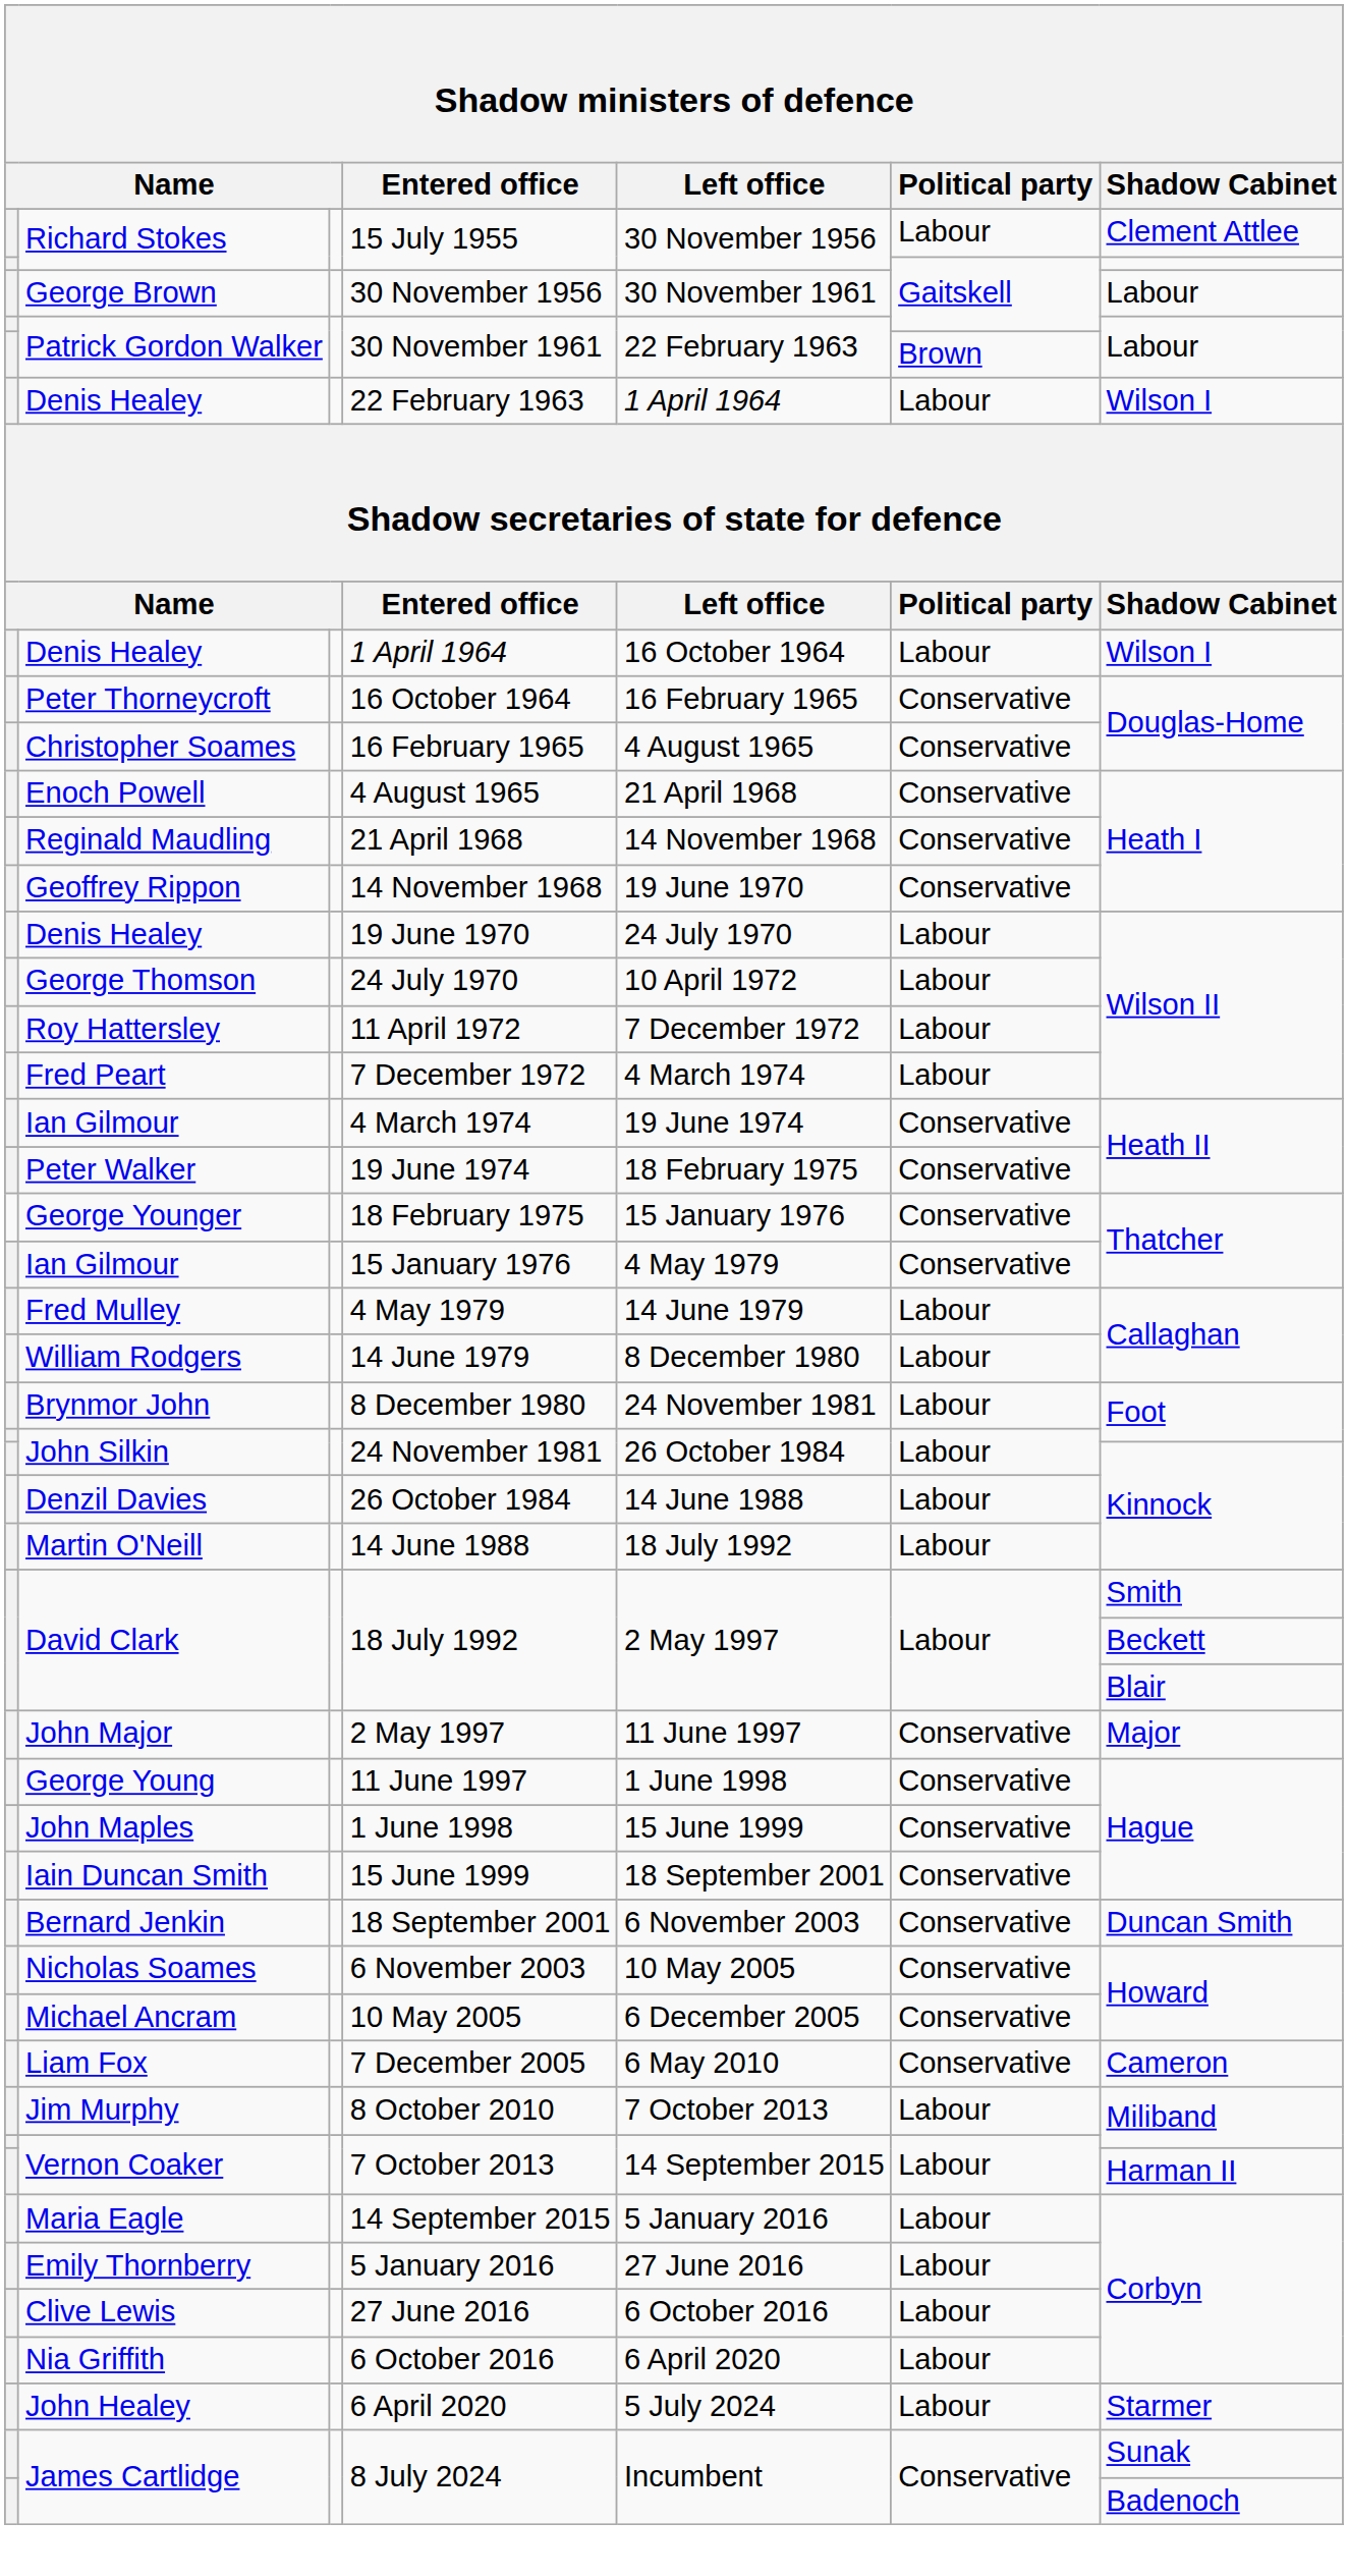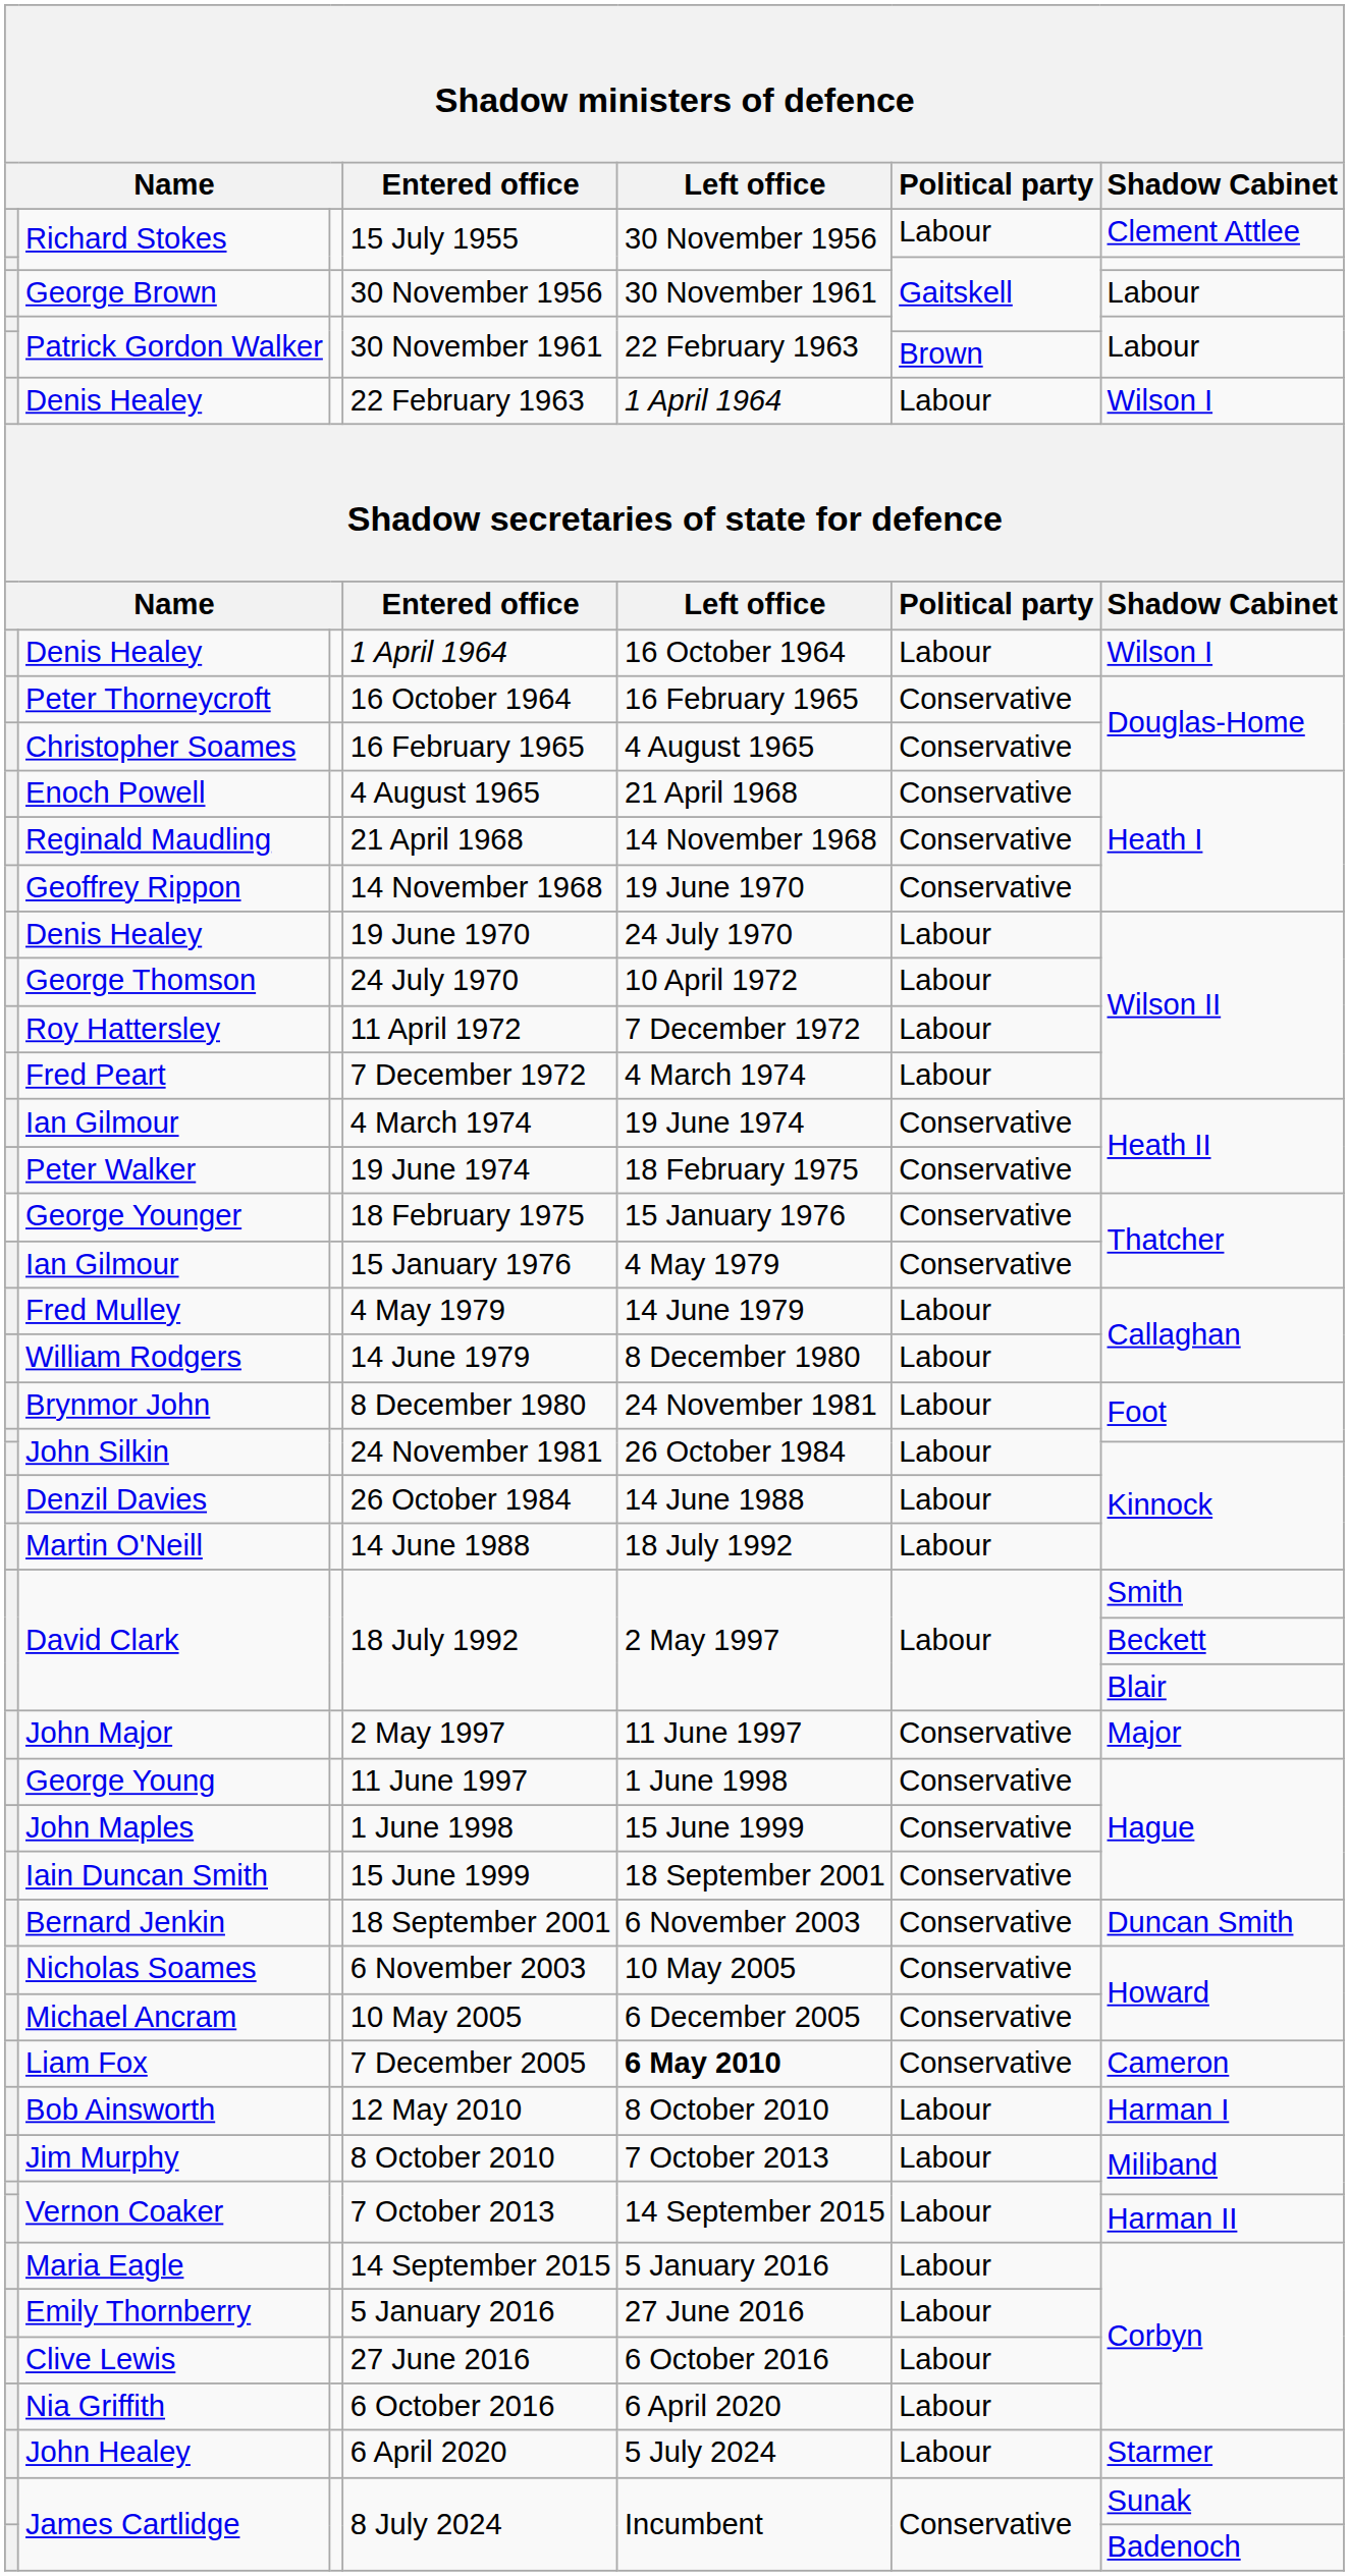 <table class="wikitable">
 <tr>
 <th colspan=7><br><h3>Shadow ministers of defence</h3></th>
 </tr>
 <tr>
 <th colspan=3>Name</th>
 <th>Entered office</th>
 <th>Left office</th>
 <th>Political party</th>
 <th>Shadow Cabinet</th>
 </tr>
 <tr>
 <th style="background-color: "></th>
 <td rowspan=2><a href='#'>Richard Stokes</a></td>
 <td rowspan=2></td>
 <td rowspan=2>15 July 1955</td>
 <td rowspan=2>30 November 1956</td>
 <td>Labour</td>
 <td><a href='#'>Clement Attlee</a></td>
 </tr>
 <tr>
 <th style="background-color: "></th>
 <td rowspan=3 ><a href='#'>Gaitskell</a></td>
 </tr>
 <tr>
 <th style="background-color: "></th>
 <td><a href='#'>George Brown</a></td>
 <td></td>
 <td>30 November 1956</td>
 <td>30 November 1961</td>
 <td>Labour</td>
 </tr>
 <tr>
 <th style="background-color: "></th>
 <td rowspan=2><a href='#'>Patrick Gordon Walker</a></td>
 <td rowspan=2></td>
 <td rowspan=2>30 November 1961</td>
 <td rowspan=2>22 February 1963</td>
 <td rowspan=2 >Labour</td>
 </tr>
 <tr>
 <th style="background-color: "></th>
 <td><a href='#'>Brown</a></td>
 </tr>
 <tr>
 <th style="background-color: "></th>
 <td><a href='#'>Denis Healey</a></td>
 <td></td>
 <td>22 February 1963</td>
 <td><em>1 April 1964</em></td>
 <td>Labour</td>
 <td><a href='#'>Wilson I</a></td>
 </tr>
 <tr>
 <th colspan=7><br><h3>Shadow secretaries of state for defence</h3></th>
 </tr>
 <tr>
 <th colspan=3>Name</th>
 <th>Entered office</th>
 <th>Left office</th>
 <th>Political party</th>
 <th>Shadow Cabinet</th>
 </tr>
 <tr>
 <th style="background-color: "></th>
 <td><a href='#'>Denis Healey</a></td>
 <td></td>
 <td><em>1 April 1964</em></td>
 <td>16 October 1964</td>
 <td>Labour</td>
 <td><a href='#'>Wilson I</a></td>
 </tr>
 <tr>
 <th style="background-color: "></th>
 <td><a href='#'>Peter Thorneycroft</a></td>
 <td></td>
 <td>16 October 1964</td>
 <td>16 February 1965</td>
 <td>Conservative</td>
 <td rowspan=2 ><a href='#'>Douglas-Home</a></td>
 </tr>
 <tr>
 <th style="background-color: "></th>
 <td><a href='#'>Christopher Soames</a></td>
 <td></td>
 <td>16 February 1965</td>
 <td>4 August 1965</td>
 <td>Conservative</td>
 </tr>
 <tr>
 <th style="background-color: "></th>
 <td><a href='#'>Enoch Powell</a></td>
 <td></td>
 <td>4 August 1965</td>
 <td>21 April 1968</td>
 <td>Conservative</td>
 <td rowspan=3 ><a href='#'>Heath I</a></td>
 </tr>
 <tr>
 <th style="background-color: "></th>
 <td><a href='#'>Reginald Maudling</a></td>
 <td></td>
 <td>21 April 1968</td>
 <td>14 November 1968</td>
 <td>Conservative</td>
 </tr>
 <tr>
 <th style="background-color: "></th>
 <td><a href='#'>Geoffrey Rippon</a></td>
 <td></td>
 <td>14 November 1968</td>
 <td>19 June 1970</td>
 <td>Conservative</td>
 </tr>
 <tr>
 <th style="background-color: "></th>
 <td><a href='#'>Denis Healey</a></td>
 <td></td>
 <td>19 June 1970</td>
 <td>24 July 1970</td>
 <td>Labour</td>
 <td rowspan=4 ><a href='#'>Wilson II</a></td>
 </tr>
 <tr>
 <th style="background-color: "></th>
 <td><a href='#'>George Thomson</a></td>
 <td></td>
 <td>24 July 1970</td>
 <td>10 April 1972</td>
 <td>Labour</td>
 </tr>
 <tr>
 <th style="background-color: "></th>
 <td><a href='#'>Roy Hattersley</a></td>
 <td></td>
 <td>11 April 1972</td>
 <td>7 December 1972</td>
 <td>Labour</td>
 </tr>
 <tr>
 <th style="background-color: "></th>
 <td><a href='#'>Fred Peart</a></td>
 <td></td>
 <td>7 December 1972</td>
 <td>4 March 1974</td>
 <td>Labour</td>
 </tr>
 <tr>
 <th style="background-color: "></th>
 <td><a href='#'>Ian Gilmour</a></td>
 <td></td>
 <td>4 March 1974</td>
 <td>19 June 1974</td>
 <td>Conservative</td>
 <td rowspan=2 ><a href='#'>Heath II</a></td>
 </tr>
 <tr>
 <th style="background-color: "></th>
 <td><a href='#'>Peter Walker</a></td>
 <td></td>
 <td>19 June 1974</td>
 <td>18 February 1975</td>
 <td>Conservative</td>
 </tr>
 <tr>
 <td style="background-color: "></td>
 <td><a href='#'>George Younger</a></td>
 <td></td>
 <td>18 February 1975</td>
 <td>15 January 1976</td>
 <td>Conservative</td>
 <td rowspan=2 ><a href='#'>Thatcher</a></td>
 </tr>
 <tr>
 <th style="background-color: "></th>
 <td><a href='#'>Ian Gilmour</a></td>
 <td></td>
 <td>15 January 1976</td>
 <td>4 May 1979</td>
 <td>Conservative</td>
 </tr>
 <tr>
 <th style="background-color: "></th>
 <td><a href='#'>Fred Mulley</a></td>
 <td></td>
 <td>4 May 1979</td>
 <td>14 June 1979</td>
 <td>Labour</td>
 <td rowspan=2 ><a href='#'>Callaghan</a></td>
 </tr>
 <tr>
 <th style="background-color: "></th>
 <td><a href='#'>William Rodgers</a></td>
 <td></td>
 <td>14 June 1979</td>
 <td>8 December 1980</td>
 <td>Labour</td>
 </tr>
 <tr>
 <th style="background-color: "></th>
 <td><a href='#'>Brynmor John</a></td>
 <td></td>
 <td>8 December 1980</td>
 <td>24 November 1981</td>
 <td>Labour</td>
 <td rowspan=2 ><a href='#'>Foot</a></td>
 </tr>
 <tr>
 <th style="background-color: "></th>
 <td rowspan=2><a href='#'>John Silkin</a></td>
 <td rowspan=2></td>
 <td rowspan=2>24 November 1981</td>
 <td rowspan=2>26 October 1984</td>
 <td rowspan=2 >Labour</td>
 </tr>
 <tr>
 <th style="background-color: "></th>
 <td rowspan=3 ><a href='#'>Kinnock</a></td>
 </tr>
 <tr>
 <th style="background-color: "></th>
 <td><a href='#'>Denzil Davies</a></td>
 <td></td>
 <td>26 October 1984</td>
 <td>14 June 1988</td>
 <td>Labour</td>
 </tr>
 <tr>
 <th style="background-color: "></th>
 <td><a href='#'>Martin O'Neill</a></td>
 <td></td>
 <td>14 June 1988</td>
 <td>18 July 1992</td>
 <td>Labour</td>
 </tr>
 <tr>
 <th rowspan="3" style="background-color: "></th>
 <td rowspan=3><a href='#'>David Clark</a></td>
 <td rowspan=3></td>
 <td rowspan=3>18 July 1992</td>
 <td rowspan=3>2 May 1997</td>
 <td rowspan=3 >Labour</td>
 <td><a href='#'>Smith</a></td>
 </tr>
 <tr>
 <td><a href='#'>Beckett</a></td>
 </tr>
 <tr>
 <td><a href='#'>Blair</a></td>
 </tr>
 <tr>
 <th style="background-color: "></th>
 <td><a href='#'>John Major</a></td>
 <td></td>
 <td>2 May 1997</td>
 <td>11 June 1997</td>
 <td>Conservative</td>
 <td><a href='#'>Major</a></td>
 </tr>
 <tr>
 <th style="background-color: "></th>
 <td><a href='#'>George Young</a></td>
 <td></td>
 <td>11 June 1997</td>
 <td>1 June 1998</td>
 <td>Conservative</td>
 <td rowspan=3 ><a href='#'>Hague</a></td>
 </tr>
 <tr>
 <th style="background-color: "></th>
 <td><a href='#'>John Maples</a></td>
 <td></td>
 <td>1 June 1998</td>
 <td>15 June 1999</td>
 <td>Conservative</td>
 </tr>
 <tr>
 <th style="background-color: "></th>
 <td><a href='#'>Iain Duncan Smith</a></td>
 <td></td>
 <td>15 June 1999</td>
 <td>18 September 2001</td>
 <td>Conservative</td>
 </tr>
 <tr>
 <th style="background-color: "></th>
 <td><a href='#'>Bernard Jenkin</a></td>
 <td></td>
 <td>18 September 2001</td>
 <td>6 November 2003</td>
 <td>Conservative</td>
 <td><a href='#'>Duncan Smith</a></td>
 </tr>
 <tr>
 <th style="background-color: "></th>
 <td><a href='#'>Nicholas Soames</a></td>
 <td></td>
 <td>6 November 2003</td>
 <td>10 May 2005</td>
 <td>Conservative</td>
 <td rowspan=2 ><a href='#'>Howard</a></td>
 </tr>
 <tr>
 <th style="background-color: "></th>
 <td><a href='#'>Michael Ancram</a></td>
 <td></td>
 <td>10 May 2005</td>
 <td>6 December 2005</td>
 <td>Conservative</td>
 </tr>
 <tr>
 <th style="background-color: "></th>
 <td><a href='#'>Liam Fox</a></td>
 <td></td>
 <td>7 December 2005</td>
-<td>6 May 2010</td>
+<td><strong>6 May 2010</strong></td>
 <td>Conservative</td>
 <td><a href='#'>Cameron</a></td>
+</tr>
+<tr>
+<th style="background-color: "></th>
+<td><a href='#'>Bob Ainsworth</a></td>
+<td></td>
+<td>12 May 2010</td>
+<td>8 October 2010</td>
+<td>Labour</td>
+<td><a href='#'>Harman I</a></td>
 </tr>
 <tr>
 <th style="background-color: "></th>
 <td><a href='#'>Jim Murphy</a></td>
 <td></td>
 <td>8 October 2010</td>
 <td>7 October 2013</td>
 <td>Labour</td>
 <td rowspan=2 ><a href='#'>Miliband</a></td>
 </tr>
 <tr>
 <th style="background-color: "></th>
 <td rowspan=2><a href='#'>Vernon Coaker</a></td>
 <td rowspan=2></td>
 <td rowspan=2>7 October 2013</td>
 <td rowspan=2>14 September 2015</td>
 <td rowspan=2 >Labour</td>
 </tr>
 <tr>
 <th style="background-color: "></th>
 <td><a href='#'>Harman II</a></td>
 </tr>
 <tr>
 <th style="background-color: "></th>
 <td><a href='#'>Maria Eagle</a></td>
 <td></td>
 <td>14 September 2015</td>
 <td>5 January 2016</td>
 <td>Labour</td>
 <td rowspan=4 ><a href='#'>Corbyn</a></td>
 </tr>
 <tr>
 <th style="background-color: "></th>
 <td><a href='#'>Emily Thornberry</a></td>
 <td></td>
 <td>5 January 2016</td>
 <td>27 June 2016</td>
 <td>Labour</td>
 </tr>
 <tr>
 <th style="background-color: "></th>
 <td><a href='#'>Clive Lewis</a></td>
 <td></td>
 <td>27 June 2016</td>
 <td>6 October 2016</td>
 <td>Labour</td>
 </tr>
 <tr>
 <th style="background-color: "></th>
 <td><a href='#'>Nia Griffith</a></td>
 <td></td>
 <td>6 October 2016</td>
 <td>6 April 2020</td>
 <td>Labour</td>
 </tr>
 <tr>
 <th style="background-color: "></th>
 <td><a href='#'>John Healey</a></td>
 <td></td>
 <td>6 April 2020</td>
 <td>5 July 2024</td>
 <td>Labour</td>
 <td><a href='#'>Starmer</a></td>
 </tr>
 <tr>
 <th style="background-color: "></th>
 <td rowspan="2"><a href='#'>James Cartlidge</a></td>
 <td rowspan="2"></td>
 <td rowspan="2">8 July 2024</td>
 <td rowspan="2">Incumbent</td>
 <td rowspan="2" >Conservative</td>
 <td><a href='#'>Sunak</a></td>
 </tr>
 <tr>
 <th style="background-color: "></th>
 <td><a href='#'>Badenoch</a></td>
 </tr>
 </table>
